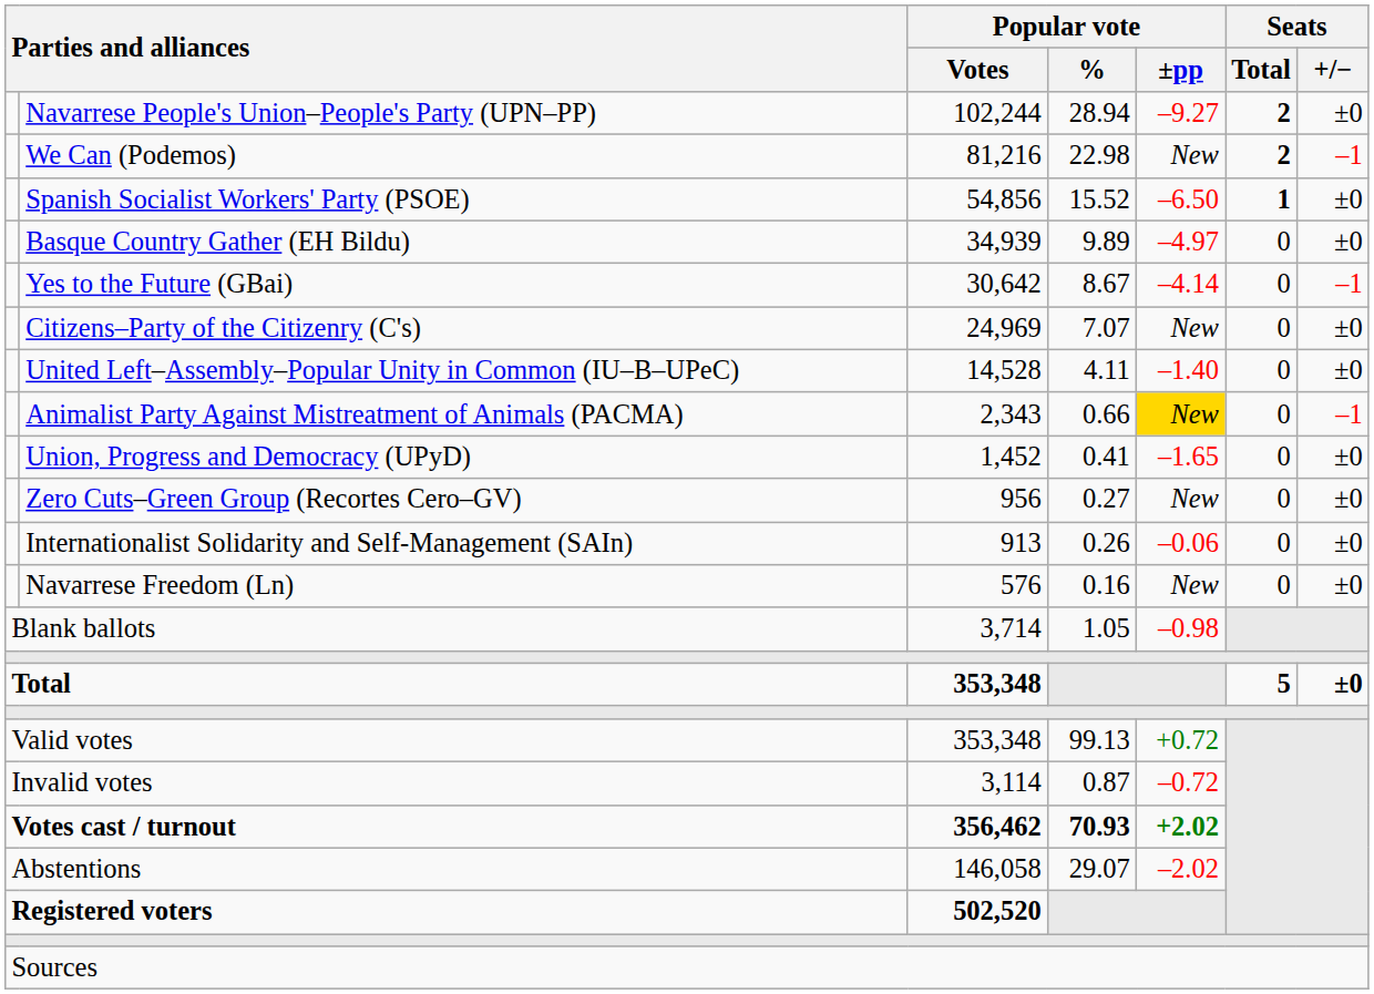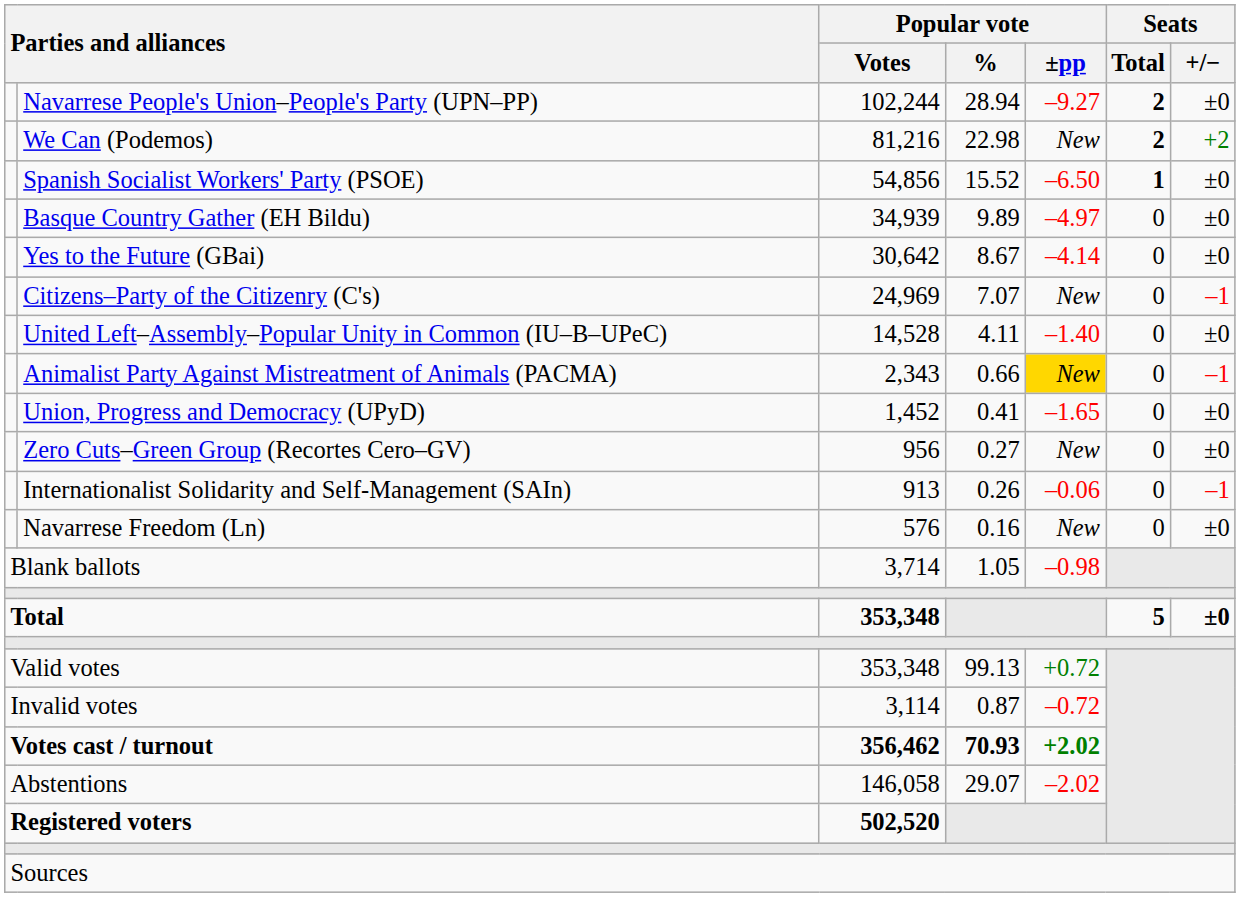 <table class="wikitable" style="text-align:right;">
 <tr>
 <th style="text-align:left;" rowspan="2" colspan="2" width="525">Parties and alliances</th>
 <th colspan="3">Popular vote</th>
 <th colspan="2">Seats</th>
 </tr>
 <tr>
 <th width="75">Votes</th>
 <th width="45">%</th>
 <th width="45">±<a href='#'>pp</a></th>
 <th width="35">Total</th>
 <th width="35">+/−</th>
 </tr>
 <tr>
 <td width="1" style="color:inherit;background:"></td>
 <td align="left"><a href='#'>Navarrese People's Union</a>–<a href='#'>People's Party</a> (UPN–PP)</td>
 <td>102,244</td>
 <td>28.94</td>
 <td style="color:red;">–9.27</td>
 <td><strong>2</strong></td>
 <td>±0</td>
 </tr>
 <tr>
 <td style="color:inherit;background:"></td>
 <td align="left"><a href='#'>We Can</a> (Podemos)</td>
 <td>81,216</td>
 <td>22.98</td>
 <td><em>New</em></td>
 <td><strong>2</strong></td>
-<td style="color:red;">–1</td>
+<td style="color:green;">+2</td>
 </tr>
 <tr>
 <td style="color:inherit;background:"></td>
 <td align="left"><a href='#'>Spanish Socialist Workers' Party</a> (PSOE)</td>
 <td>54,856</td>
 <td>15.52</td>
 <td style="color:red;">–6.50</td>
 <td><strong>1</strong></td>
 <td>±0</td>
 </tr>
 <tr>
 <td style="color:inherit;background:"></td>
 <td align="left"><a href='#'>Basque Country Gather</a> (EH Bildu)</td>
 <td>34,939</td>
 <td>9.89</td>
 <td style="color:red;">–4.97</td>
 <td>0</td>
 <td>±0</td>
 </tr>
 <tr>
 <td style="color:inherit;background:"></td>
 <td align="left"><a href='#'>Yes to the Future</a> (GBai)</td>
 <td>30,642</td>
 <td>8.67</td>
 <td style="color:red;">–4.14</td>
 <td>0</td>
-<td style="color:red;">–1</td>
+<td>±0</td>
 </tr>
 <tr>
 <td style="color:inherit;background:"></td>
 <td align="left"><a href='#'>Citizens–Party of the Citizenry</a> (C's)</td>
 <td>24,969</td>
 <td>7.07</td>
 <td><em>New</em></td>
 <td>0</td>
-<td>±0</td>
+<td style="color:red;">–1</td>
 </tr>
 <tr>
 <td style="color:inherit;background:"></td>
 <td align="left"><a href='#'>United Left</a>–<a href='#'>Assembly</a>–<a href='#'>Popular Unity in Common</a> (IU–B–UPeC)</td>
 <td>14,528</td>
 <td>4.11</td>
 <td style="color:red;">–1.40</td>
 <td>0</td>
 <td>±0</td>
 </tr>
 <tr>
 <td style="color:inherit;background:"></td>
 <td align="left"><a href='#'>Animalist Party Against Mistreatment of Animals</a> (PACMA)</td>
 <td>2,343</td>
 <td>0.66</td>
 <td style="background: gold;"><em>New</em></td>
 <td>0</td>
 <td style="color:red;">–1</td>
 </tr>
 <tr>
 <td style="color:inherit;background:"></td>
 <td align="left"><a href='#'>Union, Progress and Democracy</a> (UPyD)</td>
 <td>1,452</td>
 <td>0.41</td>
 <td style="color:red;">–1.65</td>
 <td>0</td>
 <td>±0</td>
 </tr>
 <tr>
 <td style="color:inherit;background:"></td>
 <td align="left"><a href='#'>Zero Cuts</a>–<a href='#'>Green Group</a> (Recortes Cero–GV)</td>
 <td>956</td>
 <td>0.27</td>
 <td><em>New</em></td>
 <td>0</td>
 <td>±0</td>
 </tr>
 <tr>
 <td style="color:inherit;background:"></td>
 <td align="left">Internationalist Solidarity and Self-Management (SAIn)</td>
 <td>913</td>
 <td>0.26</td>
 <td style="color:red;">–0.06</td>
 <td>0</td>
-<td>±0</td>
+<td style="color:red;">–1</td>
 </tr>
 <tr>
 <td style="color:inherit;background:"></td>
 <td align="left">Navarrese Freedom (Ln)</td>
 <td>576</td>
 <td>0.16</td>
 <td><em>New</em></td>
 <td>0</td>
 <td>±0</td>
 </tr>
 <tr>
 <td align="left" colspan="2">Blank ballots</td>
 <td>3,714</td>
 <td>1.05</td>
 <td style="color:red;">–0.98</td>
 <td bgcolor="#E9E9E9" colspan="2"></td>
 </tr>
 <tr>
 <td colspan="7" bgcolor="#E9E9E9"></td>
 </tr>
 <tr style="font-weight:bold;">
 <td align="left" colspan="2">Total</td>
 <td>353,348</td>
 <td bgcolor="#E9E9E9" colspan="2"></td>
 <td>5</td>
 <td>±0</td>
 </tr>
 <tr>
 <td colspan="7" bgcolor="#E9E9E9"></td>
 </tr>
 <tr>
 <td align="left" colspan="2">Valid votes</td>
 <td>353,348</td>
 <td>99.13</td>
 <td style="color:green;">+0.72</td>
 <td bgcolor="#E9E9E9" colspan="2" rowspan="5"></td>
 </tr>
 <tr>
 <td align="left" colspan="2">Invalid votes</td>
 <td>3,114</td>
 <td>0.87</td>
 <td style="color:red;">–0.72</td>
 </tr>
 <tr style="font-weight:bold;">
 <td align="left" colspan="2">Votes cast / turnout</td>
 <td>356,462</td>
 <td>70.93</td>
 <td style="color:green;">+2.02</td>
 </tr>
 <tr>
 <td align="left" colspan="2">Abstentions</td>
 <td>146,058</td>
 <td>29.07</td>
 <td style="color:red;">–2.02</td>
 </tr>
 <tr style="font-weight:bold;">
 <td align="left" colspan="2">Registered voters</td>
 <td>502,520</td>
 <td bgcolor="#E9E9E9" colspan="2"></td>
 </tr>
 <tr>
 <td colspan="7" bgcolor="#E9E9E9"></td>
 </tr>
 <tr>
 <td align="left" colspan="7">Sources</td>
 </tr>
 </table>
